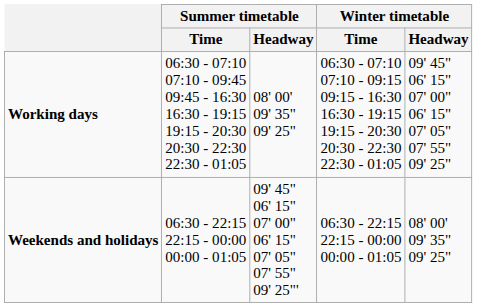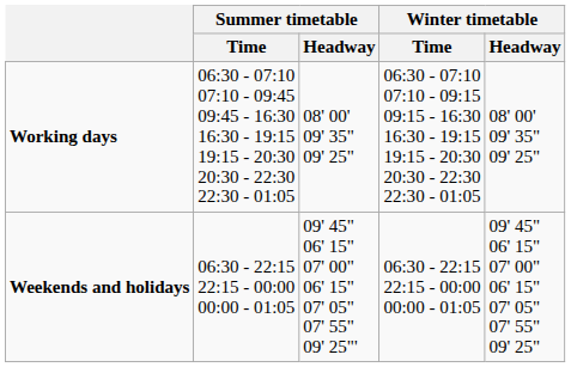 <table class="wikitable" style="border: none;">
 <tr>
 <th colspan="1" rowspan="3" style="border: none;"></th>
 </tr>
 <tr>
 <th colspan="2">Summer timetable</th>
 <th colspan="2">Winter timetable</th>
 </tr>
 <tr>
 <th>Time</th>
 <th>Headway</th>
 <th>Time</th>
 <th>Headway</th>
 </tr>
 <tr>
 <td><strong>Working days</strong></td>
 <td style="vertical-align: top;">06:30 - 07:10<br>07:10 - 09:45<br>09:45 - 16:30<br>16:30 - 19:15<br>19:15 - 20:30<br>20:30 - 22:30<br>22:30 - 01:05</td>
 <td>08' 00'<br>09' 35"<br>09' 25"</td>
 <td style="vertical-align: top;">06:30 - 07:10<br>07:10 - 09:15<br>09:15 - 16:30<br>16:30 - 19:15<br>19:15 - 20:30<br>20:30 - 22:30<br>22:30 - 01:05</td>
-<td style="vertical-align: top;">09' 45"<br>06' 15"<br>07' 00"<br>06' 15"<br>07' 05"<br>07' 55"<br>09' 25"</td>
+<td>08' 00'<br>09' 35"<br>09' 25"<br></td>
 </tr>
 <tr>
 <td><strong>Weekends and holidays</strong></td>
 <td>06:30 - 22:15<br>22:15 - 00:00<br>00:00 - 01:05</td>
 <td style="vertical-align: top;">09' 45"<br>06' 15"<br>07' 00"<br>06' 15"<br>07' 05"<br>07' 55"<br>09' 25"'</td>
 <td>06:30 - 22:15<br>22:15 - 00:00<br>00:00 - 01:05</td>
-<td>08' 00'<br>09' 35"<br>09' 25"<br></td>
+<td style="vertical-align: top;">09' 45"<br>06' 15"<br>07' 00"<br>06' 15"<br>07' 05"<br>07' 55"<br>09' 25"</td>
 </tr>
 <tr>
 </tr>
 </table>
